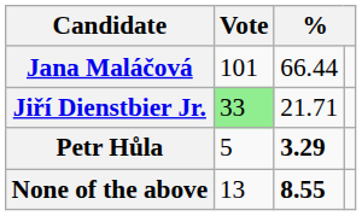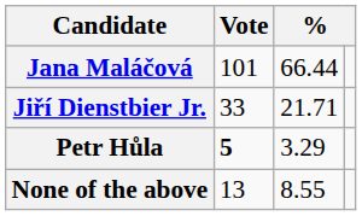 <table class="wikitable">
 <tr>
 <th>Candidate</th>
 <th>Vote</th>
 <th colspan="3">%</th>
 </tr>
 <tr>
 <th><a href='#'>Jana Maláčová</a></th>
 <td>101</td>
 <td>66.44</td>
 <td></td>
 </tr>
 <tr>
 <th><a href='#'>Jiří Dienstbier Jr.</a></th>
-<td style="background: lightgreen;">33</td>
+<td>33</td>
 <td>21.71</td>
 <td></td>
 </tr>
 <tr>
 <th>Petr Hůla</th>
-<td>5</td>
-<td><strong>3.29</strong></td>
+<td><strong>5</strong></td>
+<td>3.29</td>
 <td></td>
 </tr>
 <tr>
 <th>None of the above</th>
 <td>13</td>
-<td><strong>8.55</strong></td>
+<td>8.55</td>
 <td></td>
 </tr>
 </table>
